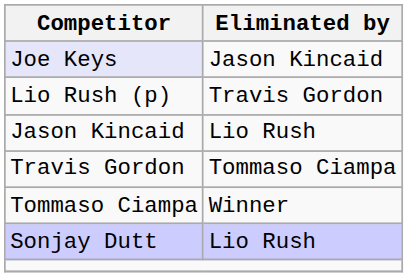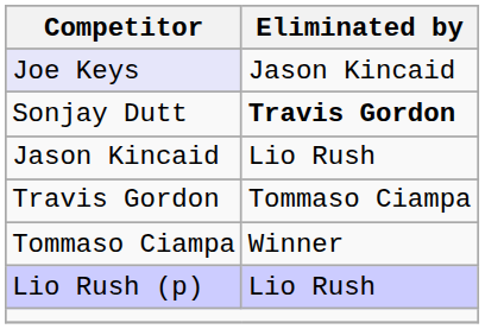 <table class="wikitable">
 <tr>
 <th>Competitor</th>
 <th>Eliminated by</th>
 </tr>
 <tr>
 <td style="background: lavender;">Joe Keys</td>
 <td>Jason Kincaid</td>
 </tr>
 <tr>
-<td>Lio Rush (p)</td>
-<td>Travis Gordon</td>
+<td>Sonjay Dutt</td>
+<td><strong>Travis Gordon</strong></td>
 </tr>
 <tr>
 <td>Jason Kincaid</td>
 <td>Lio Rush</td>
 </tr>
 <tr>
 <td>Travis Gordon</td>
 <td>Tommaso Ciampa</td>
 </tr>
 <tr>
 <td>Tommaso Ciampa</td>
 <td>Winner</td>
 </tr>
 <tr style="background: #CCCCFF;">
-<td>Sonjay Dutt</td>
+<td>Lio Rush (p)</td>
 <td>Lio Rush</td>
 </tr>
 <tr>
 <td colspan="2"></td>
 </tr>
 <tr>
 </tr>
 </table>
